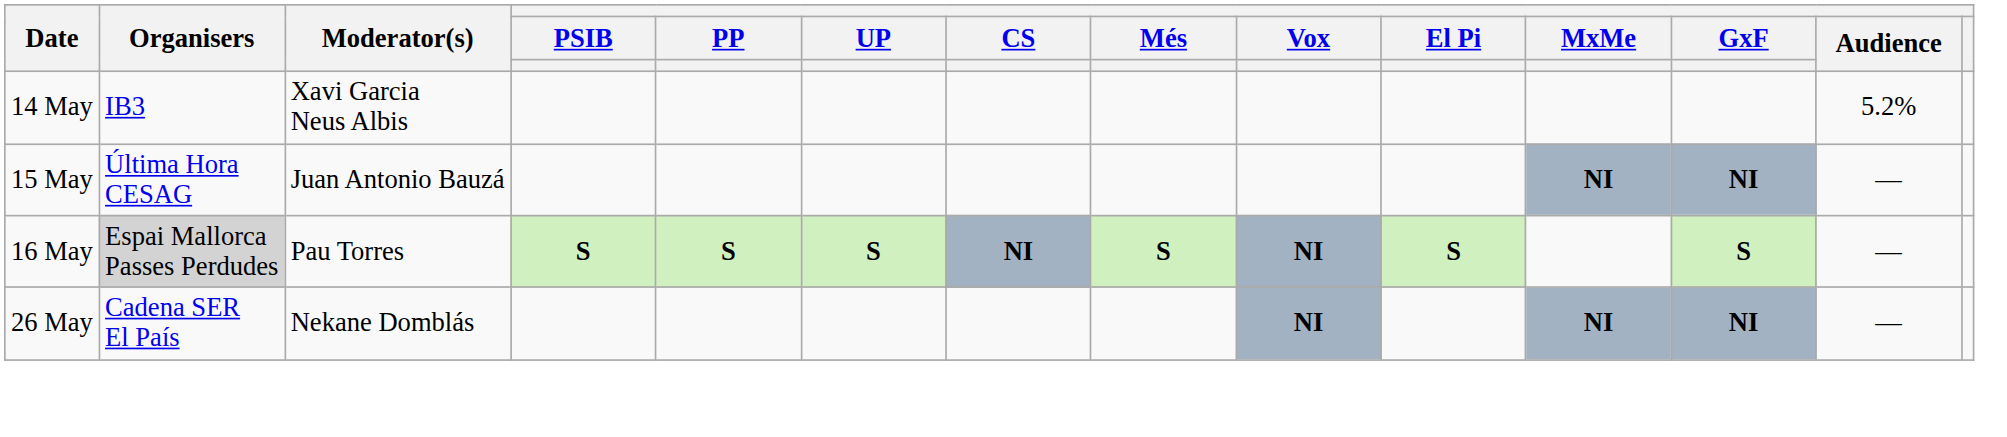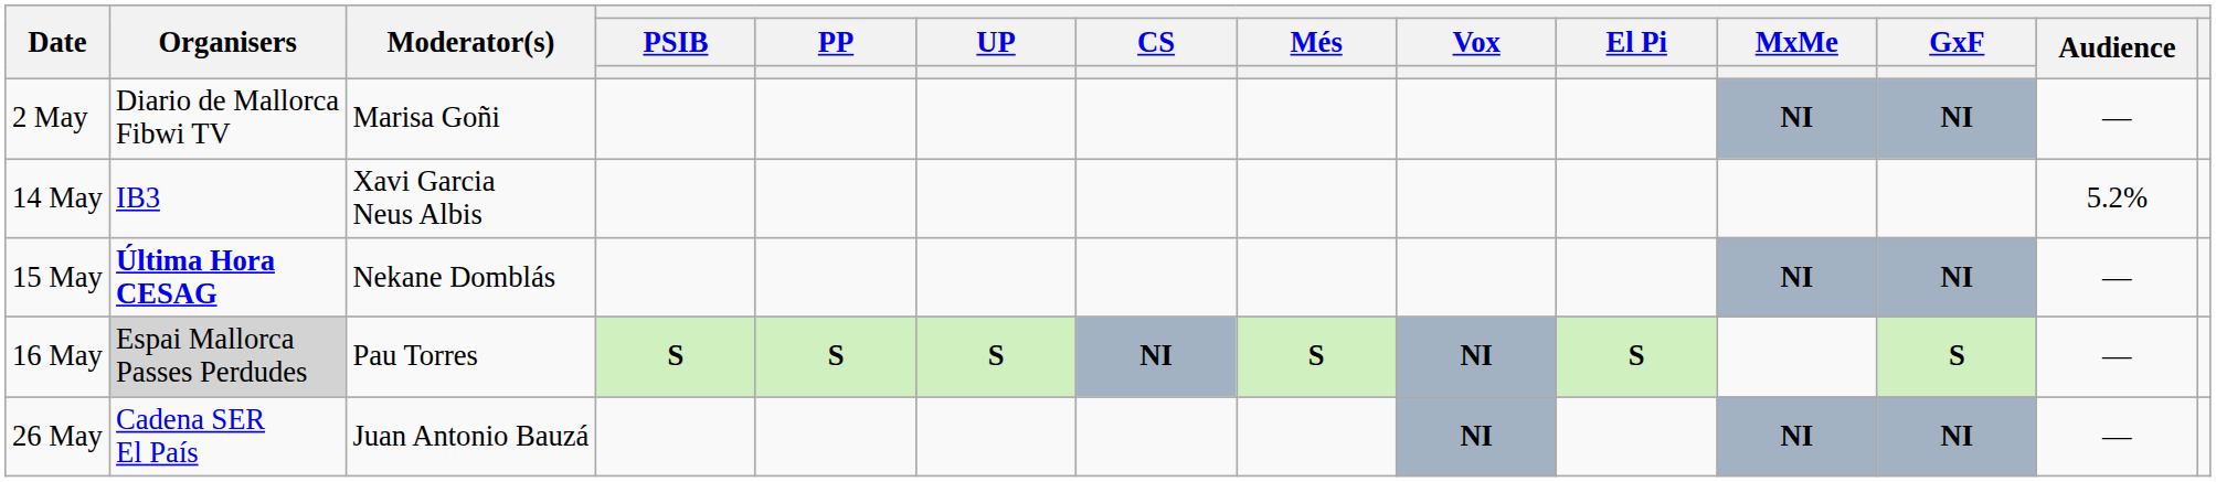 <table class="wikitable" style="text-align:center;">
 <tr>
 <th rowspan="3">Date</th>
 <th rowspan="3">Organisers</th>
 <th rowspan="3">Moderator(s)</th>
 <th colspan="11">        </th>
 </tr>
 <tr>
 <th scope="col" style="width:5em;"><a href='#'>PSIB</a></th>
 <th scope="col" style="width:5em;"><a href='#'>PP</a></th>
 <th scope="col" style="width:5em;"><a href='#'>UP</a></th>
 <th scope="col" style="width:5em;"><a href='#'>CS</a></th>
 <th scope="col" style="width:5em;"><a href='#'>Més</a></th>
 <th scope="col" style="width:5em;"><a href='#'>Vox</a></th>
 <th scope="col" style="width:5em;"><a href='#'>El Pi</a></th>
 <th scope="col" style="width:5em;"><a href='#'>MxMe</a></th>
 <th scope="col" style="width:5em;"><a href='#'>GxF</a></th>
 <th rowspan="2" scope="col" style="width:5em;">Audience</th>
 <th rowspan="2"></th>
 </tr>
 <tr>
 <th style="color:inherit;background:"></th>
 <th style="color:inherit;background:"></th>
 <th style="color:inherit;background:"></th>
 <th style="color:inherit;background:"></th>
 <th style="color:inherit;background:"></th>
 <th style="color:inherit;background:"></th>
 <th style="color:inherit;background:"></th>
 <th style="color:inherit;background:"></th>
 <th style="color:inherit;background:"></th>
 </tr>
 <tr>
+<td style="white-space:nowrap; text-align:left;">2 May</td>
+<td style="white-space:nowrap; text-align:left;">Diario de Mallorca<br>Fibwi TV</td>
+<td style="white-space:nowrap; text-align:left;">Marisa Goñi</td>
+<td></td>
+<td></td>
+<td></td>
+<td></td>
+<td></td>
+<td></td>
+<td></td>
+<td style="background:#A2B2C2;"><strong>NI</strong></td>
+<td style="background:#A2B2C2;"><strong>NI</strong></td>
+<td>—</td>
+<td></td>
+</tr>
+<tr>
 <td style="white-space:nowrap; text-align:left;">14 May</td>
 <td style="white-space:nowrap; text-align:left;"><a href='#'>IB3</a></td>
 <td style="white-space:nowrap; text-align:left;">Xavi Garcia<br>Neus Albis</td>
 <td></td>
 <td></td>
 <td></td>
 <td></td>
 <td></td>
 <td></td>
 <td></td>
 <td></td>
 <td></td>
 <td>5.2%<br></td>
 <td><br></td>
 </tr>
 <tr>
 <td style="white-space:nowrap; text-align:left;">15 May</td>
-<td style="white-space:nowrap; text-align:left;"><a href='#'>Última Hora</a><br><a href='#'>CESAG</a></td>
-<td style="white-space:nowrap; text-align:left;">Juan Antonio Bauzá</td>
+<td style="white-space:nowrap; text-align:left;"><strong><a href='#'>Última Hora</a><br><a href='#'>CESAG</a></strong></td>
+<td style="white-space:nowrap; text-align:left;">Nekane Domblás</td>
 <td></td>
 <td></td>
 <td></td>
 <td></td>
 <td></td>
 <td></td>
 <td></td>
 <td style="background:#A2B2C2;"><strong>NI</strong></td>
 <td style="background:#A2B2C2;"><strong>NI</strong></td>
 <td>—</td>
 <td></td>
 </tr>
 <tr>
 <td style="white-space:nowrap; text-align:left;">16 May</td>
 <td style="background: lightgrey; white-space:nowrap; text-align:left;">Espai Mallorca<br>Passes Perdudes</td>
 <td style="white-space:nowrap; text-align:left;">Pau Torres</td>
 <td style="background:#D0F0C0;"><strong>S</strong><br></td>
 <td style="background:#D0F0C0;"><strong>S</strong><br></td>
 <td style="background:#D0F0C0;"><strong>S</strong><br></td>
 <td style="background:#A2B2C2;"><strong>NI</strong></td>
 <td style="background:#D0F0C0;"><strong>S</strong><br></td>
 <td style="background:#A2B2C2;"><strong>NI</strong></td>
 <td style="background:#D0F0C0;"><strong>S</strong><br></td>
 <td></td>
 <td style="background:#D0F0C0;"><strong>S</strong><br></td>
 <td>—</td>
 <td></td>
 </tr>
 <tr>
 <td style="white-space:nowrap; text-align:left;">26 May</td>
 <td style="white-space:nowrap; text-align:left;"><a href='#'>Cadena SER</a><br><a href='#'>El País</a></td>
-<td style="white-space:nowrap; text-align:left;">Nekane Domblás</td>
+<td style="white-space:nowrap; text-align:left;">Juan Antonio Bauzá</td>
 <td></td>
 <td></td>
 <td></td>
 <td></td>
 <td></td>
 <td style="background:#A2B2C2;"><strong>NI</strong></td>
 <td></td>
 <td style="background:#A2B2C2;"><strong>NI</strong></td>
 <td style="background:#A2B2C2;"><strong>NI</strong></td>
 <td>—</td>
 <td></td>
 </tr>
 </table>
